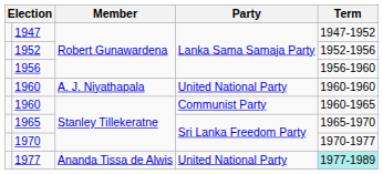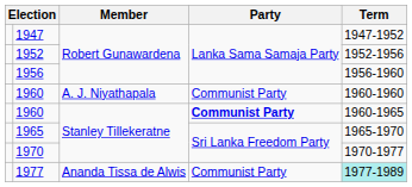 <table class="wikitable">
 <tr>
 <th colspan="2">Election</th>
 <th>Member</th>
 <th>Party</th>
 <th>Term</th>
 </tr>
 <tr>
 <td style="background-color: "></td>
 <td><a href='#'>1947</a></td>
 <td rowspan ="3"><a href='#'>Robert Gunawardena</a></td>
 <td rowspan ="3"><a href='#'>Lanka Sama Samaja Party</a></td>
 <td>1947-1952</td>
 </tr>
 <tr>
 <td style="background-color: "></td>
 <td><a href='#'>1952</a></td>
 <td>1952-1956</td>
 </tr>
 <tr>
 <td style="background-color: "></td>
 <td><a href='#'>1956</a></td>
 <td>1956-1960</td>
 </tr>
 <tr>
 <td style="background-color: "></td>
 <td><a href='#'>1960</a></td>
 <td><a href='#'>A. J. Niyathapala</a></td>
-<td><a href='#'>United National Party</a></td>
+<td><a href='#'>Communist Party</a></td>
 <td>1960-1960</td>
 </tr>
 <tr>
 <td style="background-color: "></td>
 <td><a href='#'>1960</a></td>
 <td rowspan ="3"><a href='#'>Stanley Tillekeratne</a></td>
-<td><a href='#'>Communist Party</a></td>
+<td><strong><a href='#'>Communist Party</a></strong></td>
 <td>1960-1965</td>
 </tr>
 <tr>
 <td style="background-color: "></td>
 <td><a href='#'>1965</a></td>
 <td rowspan ="2"><a href='#'>Sri Lanka Freedom Party</a></td>
 <td>1965-1970</td>
 </tr>
 <tr>
 <td style="background-color: "></td>
 <td><a href='#'>1970</a></td>
 <td>1970-1977</td>
 </tr>
 <tr>
 <td style="background-color: "></td>
 <td><a href='#'>1977</a></td>
 <td><a href='#'>Ananda Tissa de Alwis</a></td>
-<td><a href='#'>United National Party</a></td>
+<td><a href='#'>Communist Party</a></td>
 <td style="background: paleturquoise;">1977-1989</td>
 </tr>
 </table>
